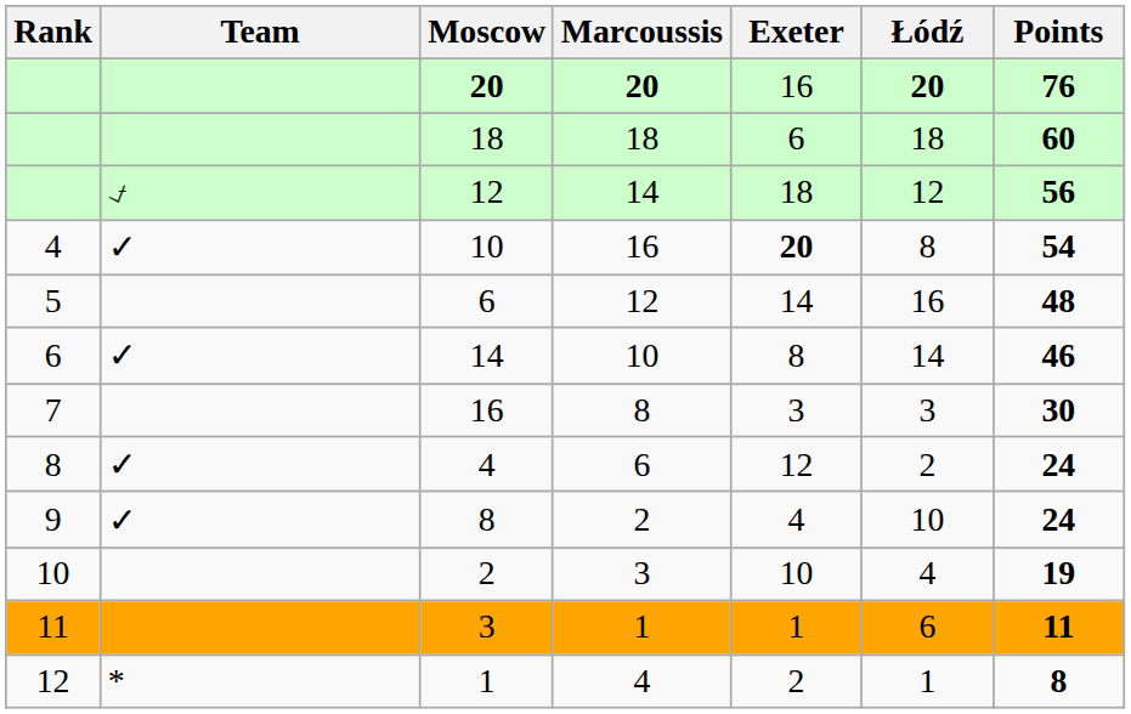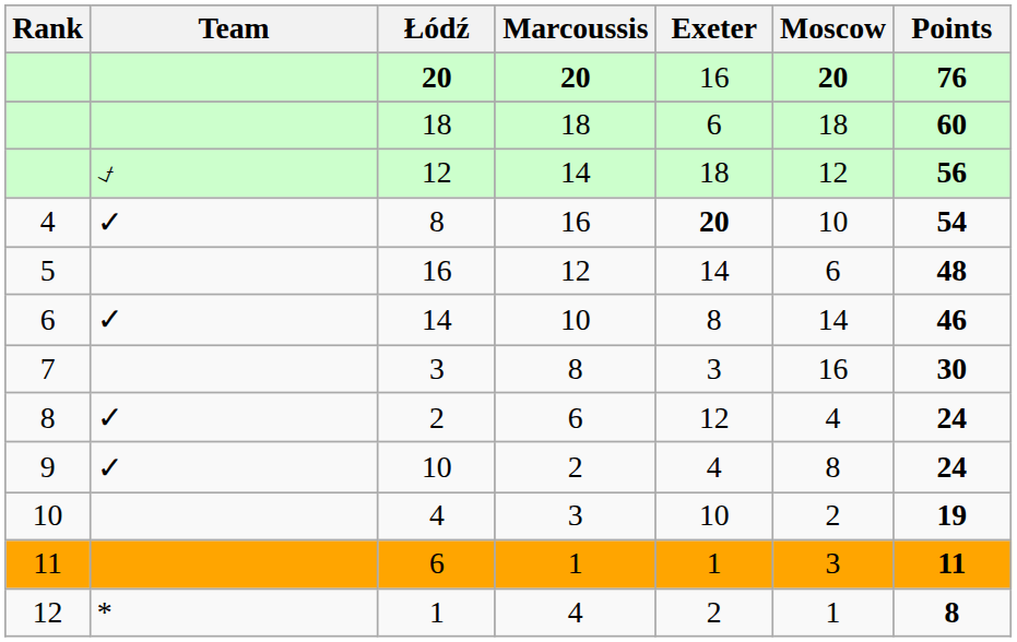 <table class="wikitable" style="text-align: center;">
 <tr>
 <th width=30>Rank</th>
 <th width=145>Team</th>
-<th width=55>Moscow</th>
+<th width=55>Łódź</th>
 <th width=55>Marcoussis</th>
 <th width=55>Exeter</th>
-<th width=55>Łódź</th>
+<th width=55>Moscow</th>
 <th width=55>Points</th>
 </tr>
 <tr bgcolor=ccffcc>
 <td></td>
 <td align=left></td>
 <td><strong>20</strong></td>
 <td><strong>20</strong></td>
 <td>16</td>
 <td><strong>20</strong></td>
 <td><strong>76</strong></td>
 </tr>
 <tr bgcolor=ccffcc>
 <td></td>
 <td align=left></td>
 <td>18</td>
 <td>18</td>
 <td>6</td>
 <td>18</td>
 <td><strong>60</strong></td>
 </tr>
 <tr bgcolor=ccffcc>
 <td></td>
 <td align=left> ⍻</td>
 <td>12</td>
 <td>14</td>
 <td>18</td>
 <td>12</td>
 <td><strong>56</strong></td>
 </tr>
 <tr>
 <td>4</td>
 <td align=left> ✓</td>
-<td>10</td>
+<td>8</td>
 <td>16</td>
 <td><strong>20</strong></td>
-<td>8</td>
+<td>10</td>
 <td><strong>54</strong></td>
 </tr>
 <tr>
 <td>5</td>
 <td align=left></td>
-<td>6</td>
+<td>16</td>
 <td>12</td>
 <td>14</td>
-<td>16</td>
+<td>6</td>
 <td><strong>48</strong></td>
 </tr>
 <tr>
 <td>6</td>
 <td align=left> ✓</td>
 <td>14</td>
 <td>10</td>
 <td>8</td>
 <td>14</td>
 <td><strong>46</strong></td>
 </tr>
 <tr>
 <td>7</td>
 <td align=left></td>
-<td>16</td>
+<td>3</td>
 <td>8</td>
 <td>3</td>
-<td>3</td>
+<td>16</td>
 <td><strong>30</strong></td>
 </tr>
 <tr>
 <td>8</td>
 <td align=left> ✓</td>
-<td>4</td>
+<td>2</td>
 <td>6</td>
 <td>12</td>
-<td>2</td>
+<td>4</td>
 <td><strong>24</strong></td>
 </tr>
 <tr>
 <td>9</td>
 <td align=left> ✓</td>
-<td>8</td>
+<td>10</td>
 <td>2</td>
 <td>4</td>
-<td>10</td>
+<td>8</td>
 <td><strong>24</strong></td>
 </tr>
 <tr>
 <td>10</td>
 <td align=left></td>
-<td>2</td>
+<td>4</td>
 <td>3</td>
 <td>10</td>
-<td>4</td>
+<td>2</td>
 <td><strong>19</strong></td>
 </tr>
 <tr bgcolor=FFA500>
 <td>11</td>
 <td align=left></td>
-<td>3</td>
+<td>6</td>
 <td>1</td>
 <td>1</td>
-<td>6</td>
+<td>3</td>
 <td><strong>11</strong></td>
 </tr>
 <tr>
 <td>12</td>
 <td align=left>*</td>
 <td>1</td>
 <td>4</td>
 <td>2</td>
 <td>1</td>
 <td><strong>8</strong></td>
 </tr>
 </table>
